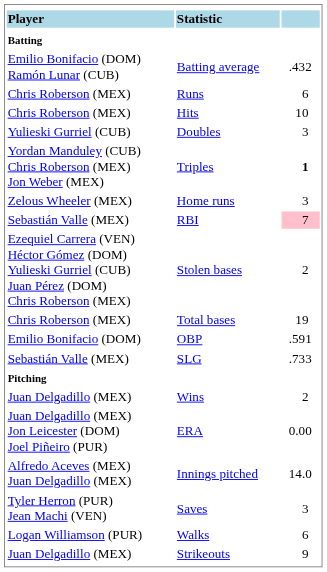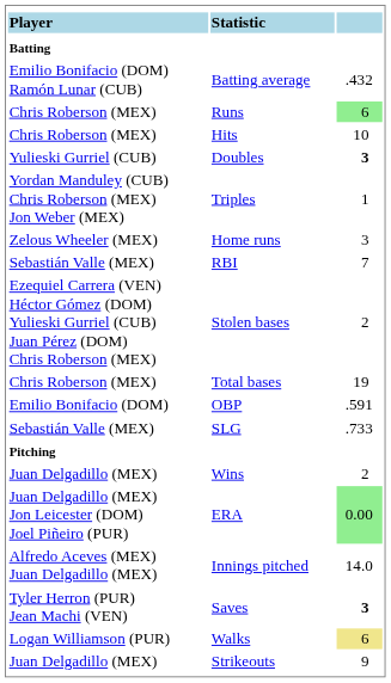 <table cellpadding="1" width="350px" style="font-size: 90%; border: 1px solid gray;">
 <tr align="center" style="font-size: larger;">
 <td colspan=6></td>
 </tr>
 <tr style="background:lightblue;">
 <td><strong>Player</strong></td>
 <td><strong>Statistic</strong></td>
 <td></td>
 </tr>
 <tr align="center" style="vertical-align: middle;" style="background:lightblue;">
 </tr>
 <tr>
 <td><small><strong>Batting</strong></small></td>
 </tr>
 <tr>
 <td><a href='#'>Emilio Bonifacio</a> (DOM)<br><a href='#'>Ramón Lunar</a> (CUB)</td>
 <td><a href='#'>Batting average</a></td>
 <td>  .432</td>
 </tr>
 <tr>
 <td><a href='#'>Chris Roberson</a> (MEX)</td>
 <td><a href='#'>Runs</a></td>
-<td>      6</td>
+<td style="background: lightgreen;">      6</td>
 </tr>
 <tr>
 <td><a href='#'>Chris Roberson</a> (MEX)</td>
 <td><a href='#'>Hits</a></td>
 <td>    10</td>
 </tr>
 <tr>
 <td><a href='#'>Yulieski Gurriel</a> (CUB)</td>
 <td><a href='#'>Doubles</a></td>
-<td>      3</td>
+<td><strong>      3</strong></td>
 </tr>
 <tr>
 <td><a href='#'>Yordan Manduley</a> (CUB)<br><a href='#'>Chris Roberson</a> (MEX)<br><a href='#'>Jon Weber</a> (MEX)</td>
 <td><a href='#'>Triples</a></td>
-<td><strong>      1</strong></td>
+<td>      1</td>
 </tr>
 <tr>
 <td><a href='#'>Zelous Wheeler</a> (MEX)</td>
 <td><a href='#'>Home runs</a></td>
 <td>      3</td>
 </tr>
 <tr>
 <td><a href='#'>Sebastián Valle</a> (MEX)</td>
 <td><a href='#'>RBI</a></td>
-<td style="background: pink;">      7</td>
+<td>      7</td>
 </tr>
 <tr>
 <td><a href='#'>Ezequiel Carrera</a> (VEN)<br><a href='#'>Héctor Gómez</a> (DOM)<br><a href='#'>Yulieski Gurriel</a> (CUB)<br><a href='#'>Juan Pérez</a> (DOM)<br><a href='#'>Chris Roberson</a> (MEX)</td>
 <td><a href='#'>Stolen bases</a></td>
 <td>      2</td>
 </tr>
 <tr>
 <td><a href='#'>Chris Roberson</a> (MEX)</td>
 <td><a href='#'>Total bases</a></td>
 <td>    19</td>
 </tr>
 <tr>
 <td><a href='#'>Emilio Bonifacio</a> (DOM)</td>
 <td><a href='#'>OBP</a></td>
 <td>  .591</td>
 </tr>
 <tr>
 <td><a href='#'>Sebastián Valle</a> (MEX)</td>
 <td><a href='#'>SLG</a></td>
 <td>  .733</td>
 </tr>
 <tr>
 <td><small><strong>Pitching</strong></small></td>
 </tr>
 <tr>
 <td><a href='#'>Juan Delgadillo</a> (MEX)</td>
 <td><a href='#'>Wins</a></td>
 <td>      2</td>
 </tr>
 <tr>
 <td><a href='#'>Juan Delgadillo</a> (MEX)<br><a href='#'>Jon Leicester</a> (DOM)<br><a href='#'>Joel Piñeiro</a> (PUR)</td>
 <td><a href='#'>ERA</a></td>
-<td>  0.00</td>
+<td style="background: lightgreen;">  0.00</td>
 </tr>
 <tr>
 <td><a href='#'>Alfredo Aceves</a> (MEX)<br><a href='#'>Juan Delgadillo</a> (MEX)</td>
 <td><a href='#'>Innings pitched</a></td>
 <td>  14.0</td>
 </tr>
 <tr>
 <td><a href='#'>Tyler Herron</a> (PUR)<br><a href='#'>Jean Machi</a> (VEN)</td>
 <td><a href='#'>Saves</a></td>
-<td>      3</td>
+<td><strong>      3</strong></td>
 </tr>
 <tr>
 <td><a href='#'>Logan Williamson</a> (PUR)</td>
 <td><a href='#'>Walks</a></td>
-<td>      6</td>
+<td style="background: khaki;">      6</td>
 </tr>
 <tr>
 <td><a href='#'>Juan Delgadillo</a> (MEX)</td>
 <td><a href='#'>Strikeouts</a></td>
 <td>      9</td>
 </tr>
 <tr>
 </tr>
 </table>
